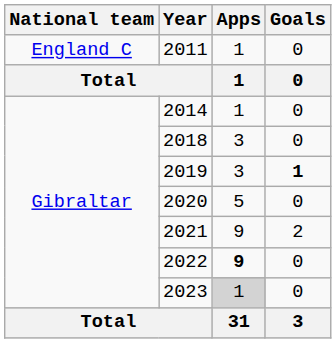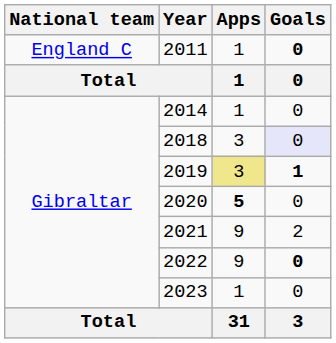 <table class=wikitable style="text-align: center">
 <tr>
 <th>National team</th>
 <th>Year</th>
 <th>Apps</th>
 <th>Goals</th>
 </tr>
 <tr>
 <td><a href='#'>England C</a></td>
 <td>2011</td>
 <td>1</td>
-<td>0</td>
+<td><strong>0</strong></td>
 </tr>
 <tr>
 <th colspan=2>Total</th>
 <th>1</th>
 <th>0</th>
 </tr>
 <tr>
 <td rowspan="7"><a href='#'>Gibraltar</a></td>
 <td>2014</td>
 <td>1</td>
 <td>0</td>
 </tr>
 <tr>
 <td>2018</td>
 <td>3</td>
-<td>0</td>
+<td style="background: lavender;">0</td>
 </tr>
 <tr>
 <td>2019</td>
-<td>3</td>
+<td style="background: khaki;">3</td>
 <td><strong>1</strong></td>
 </tr>
 <tr>
 <td>2020</td>
-<td>5</td>
+<td><strong>5</strong></td>
 <td>0</td>
 </tr>
 <tr>
 <td>2021</td>
 <td>9</td>
 <td>2</td>
 </tr>
 <tr>
 <td>2022</td>
-<td><strong>9</strong></td>
-<td>0</td>
+<td>9</td>
+<td><strong>0</strong></td>
 </tr>
 <tr>
 <td>2023</td>
-<td style="background: lightgrey;">1</td>
+<td>1</td>
 <td>0</td>
 </tr>
 <tr>
 <th colspan=2>Total</th>
 <th>31</th>
 <th>3</th>
 </tr>
 </table>
